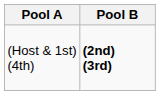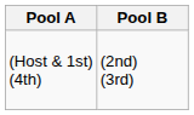 <table class="wikitable">
 <tr>
 <th width=50%>Pool A</th>
 <th width=50%>Pool B</th>
 </tr>
 <tr>
 <td valign=top><br> (Host & 1st)<br>  (4th)<br> <br> </td>
-<td><strong><br> (2nd)<br>  (3rd)<br> <br> </strong></td>
+<td><br> (2nd)<br>  (3rd)<br> <br> </td>
 </tr>
 </table>
